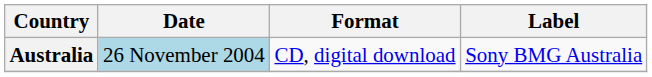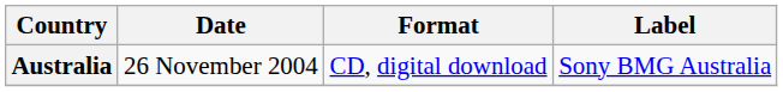 <table class="wikitable plainrowheaders">
 <tr>
 <th scope="col">Country</th>
 <th scope="col">Date</th>
 <th scope="col">Format</th>
 <th scope="col">Label</th>
 </tr>
 <tr>
 <th scope="row">Australia</th>
-<td style="background: lightblue;">26 November 2004</td>
+<td>26 November 2004</td>
 <td><a href='#'>CD</a>, <a href='#'>digital download</a></td>
 <td><a href='#'>Sony BMG Australia</a></td>
 </tr>
 <tr>
 </tr>
 </table>
